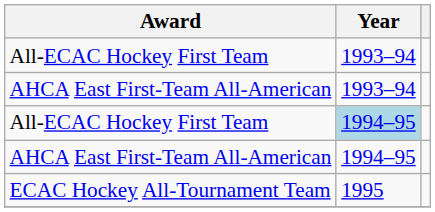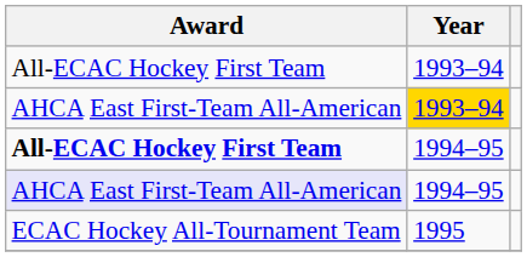 <table class="wikitable">
 <tr>
 <th>Award</th>
 <th>Year</th>
 <th></th>
 </tr>
 <tr>
 <td>All-<a href='#'>ECAC Hockey</a> <a href='#'>First Team</a></td>
 <td><a href='#'>1993–94</a></td>
 <td></td>
 </tr>
 <tr>
 <td><a href='#'>AHCA</a> <a href='#'>East First-Team All-American</a></td>
-<td><a href='#'>1993–94</a></td>
+<td style="background: gold;"><a href='#'>1993–94</a></td>
 <td></td>
 </tr>
 <tr>
-<td>All-<a href='#'>ECAC Hockey</a> <a href='#'>First Team</a></td>
-<td style="background: lightblue;"><a href='#'>1994–95</a></td>
+<td><strong>All-<a href='#'>ECAC Hockey</a> <a href='#'>First Team</a></strong></td>
+<td><a href='#'>1994–95</a></td>
 <td></td>
 </tr>
 <tr>
-<td><a href='#'>AHCA</a> <a href='#'>East First-Team All-American</a></td>
+<td style="background: lavender;"><a href='#'>AHCA</a> <a href='#'>East First-Team All-American</a></td>
 <td><a href='#'>1994–95</a></td>
 <td></td>
 </tr>
 <tr>
 <td><a href='#'>ECAC Hockey</a> <a href='#'>All-Tournament Team</a></td>
 <td><a href='#'>1995</a></td>
 <td></td>
 </tr>
 <tr>
 </tr>
 </table>
